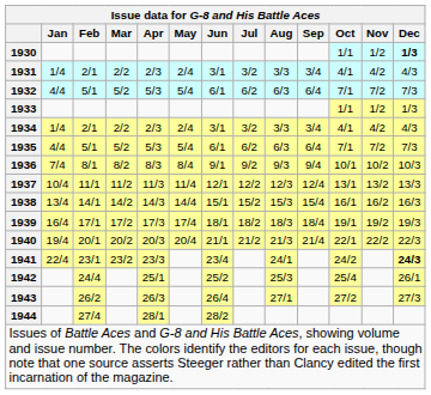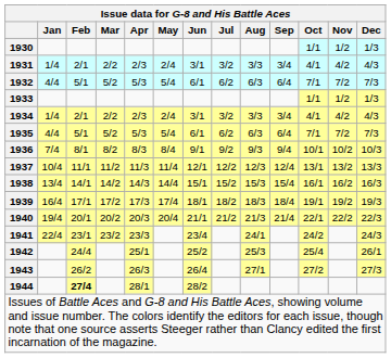 <table class="wikitable collapsible" style="font-size: 8pt; line-height: 9pt; margin-left: 2em; text-align: center; float: right">
 <tr>
 <th colspan="13">Issue data for <em>G-8 and His Battle Aces</em></th>
 </tr>
 <tr>
 <th></th>
 <th>Jan</th>
 <th>Feb</th>
 <th>Mar</th>
 <th>Apr</th>
 <th>May</th>
 <th>Jun</th>
 <th>Jul</th>
 <th>Aug</th>
 <th>Sep</th>
 <th>Oct</th>
 <th>Nov</th>
 <th>Dec</th>
 </tr>
 <tr>
 <th>1930</th>
 <td></td>
 <td></td>
 <td></td>
 <td></td>
 <td></td>
 <td></td>
 <td></td>
 <td></td>
 <td></td>
 <td bgcolor=#ccffff>1/1</td>
 <td bgcolor=#ccffff>1/2</td>
-<td bgcolor=#ccffff><strong>1/3</strong></td>
+<td bgcolor=#ccffff>1/3</td>
 </tr>
 <tr>
 <th>1931</th>
 <td bgcolor=#ccffff>1/4</td>
 <td bgcolor=#ccffff>2/1</td>
 <td bgcolor=#ccffff>2/2</td>
 <td bgcolor=#ccffff>2/3</td>
 <td bgcolor=#ccffff>2/4</td>
 <td bgcolor=#ccffff>3/1</td>
 <td bgcolor=#ccffff>3/2</td>
 <td bgcolor=#ccffff>3/3</td>
 <td bgcolor=#ccffff>3/4</td>
 <td bgcolor=#ccffff>4/1</td>
 <td bgcolor=#ccffff>4/2</td>
 <td bgcolor=#ccffff>4/3</td>
 </tr>
 <tr>
 <th>1932</th>
 <td bgcolor="#ccffff">4/4</td>
 <td bgcolor="#ccffff">5/1</td>
 <td bgcolor="#ccffff">5/2</td>
 <td bgcolor="#ccffff">5/3</td>
 <td bgcolor="#ccffff">5/4</td>
 <td bgcolor="#ccffff">6/1</td>
 <td bgcolor="#ccffff">6/2</td>
 <td bgcolor="#ccffff">6/3</td>
 <td bgcolor="#ccffff">6/4</td>
 <td bgcolor="#ccffff">7/1</td>
 <td bgcolor="#ccffff">7/2</td>
 <td bgcolor="#ccffff">7/3</td>
 </tr>
 <tr>
 <th>1933</th>
 <td></td>
 <td></td>
 <td></td>
 <td></td>
 <td></td>
 <td></td>
 <td></td>
 <td></td>
 <td></td>
 <td bgcolor="#ffff99">1/1</td>
 <td bgcolor="#ffff99">1/2</td>
 <td bgcolor="#ffff99">1/3</td>
 </tr>
 <tr>
 <th>1934</th>
 <td bgcolor="#ffff99">1/4</td>
 <td bgcolor="#ffff99">2/1</td>
 <td bgcolor="#ffff99">2/2</td>
 <td bgcolor="#ffff99">2/3</td>
 <td bgcolor="#ffff99">2/4</td>
 <td bgcolor="#ffff99">3/1</td>
 <td bgcolor="#ffff99">3/2</td>
 <td bgcolor="#ffff99">3/3</td>
 <td bgcolor="#ffff99">3/4</td>
 <td bgcolor="#ffff99">4/1</td>
 <td bgcolor="#ffff99">4/2</td>
 <td bgcolor="#ffff99">4/3</td>
 </tr>
 <tr>
 <th>1935</th>
 <td bgcolor="#ffff99">4/4</td>
 <td bgcolor="#ffff99">5/1</td>
 <td bgcolor="#ffff99">5/2</td>
 <td bgcolor="#ffff99">5/3</td>
 <td bgcolor="#ffff99">5/4</td>
 <td bgcolor="#ffff99">6/1</td>
 <td bgcolor="#ffff99">6/2</td>
 <td bgcolor="#ffff99">6/3</td>
 <td bgcolor="#ffff99">6/4</td>
 <td bgcolor="#ffff99">7/1</td>
 <td bgcolor="#ffff99">7/2</td>
 <td bgcolor="#ffff99">7/3</td>
 </tr>
 <tr>
 <th>1936</th>
 <td bgcolor="#ffff99">7/4</td>
 <td bgcolor="#ffff99">8/1</td>
 <td bgcolor="#ffff99">8/2</td>
 <td bgcolor="#ffff99">8/3</td>
 <td bgcolor="#ffff99">8/4</td>
 <td bgcolor="#ffff99">9/1</td>
 <td bgcolor="#ffff99">9/2</td>
 <td bgcolor="#ffff99">9/3</td>
 <td bgcolor="#ffff99">9/4</td>
 <td bgcolor="#ffff99">10/1</td>
 <td bgcolor="#ffff99">10/2</td>
 <td bgcolor="#ffff99">10/3</td>
 </tr>
 <tr>
 <th>1937</th>
 <td bgcolor="#ffff99">10/4</td>
 <td bgcolor="#ffff99">11/1</td>
 <td bgcolor="#ffff99">11/2</td>
 <td bgcolor="#ffff99">11/3</td>
 <td bgcolor="#ffff99">11/4</td>
 <td bgcolor="#ffff99">12/1</td>
 <td bgcolor="#ffff99">12/2</td>
 <td bgcolor="#ffff99">12/3</td>
 <td bgcolor="#ffff99">12/4</td>
 <td bgcolor="#ffff99">13/1</td>
 <td bgcolor="#ffff99">13/2</td>
 <td bgcolor="#ffff99">13/3</td>
 </tr>
 <tr>
 <th>1938</th>
 <td bgcolor="#ffff99">13/4</td>
 <td bgcolor="#ffff99">14/1</td>
 <td bgcolor="#ffff99">14/2</td>
 <td bgcolor="#ffff99">14/3</td>
 <td bgcolor="#ffff99">14/4</td>
 <td bgcolor="#ffff99">15/1</td>
 <td bgcolor="#ffff99">15/2</td>
 <td bgcolor="#ffff99">15/3</td>
 <td bgcolor="#ffff99">15/4</td>
 <td bgcolor="#ffff99">16/1</td>
 <td bgcolor="#ffff99">16/2</td>
 <td bgcolor="#ffff99">16/3</td>
 </tr>
 <tr>
 <th>1939</th>
 <td bgcolor="#ffff99">16/4</td>
 <td bgcolor="#ffff99">17/1</td>
 <td bgcolor="#ffff99">17/2</td>
 <td bgcolor="#ffff99">17/3</td>
 <td bgcolor="#ffff99">17/4</td>
 <td bgcolor="#ffff99">18/1</td>
 <td bgcolor="#ffff99">18/2</td>
 <td bgcolor="#ffff99">18/3</td>
 <td bgcolor="#ffff99">18/4</td>
 <td bgcolor="#ffff99">19/1</td>
 <td bgcolor="#ffff99">19/2</td>
 <td bgcolor="#ffff99">19/3</td>
 </tr>
 <tr>
 <th>1940</th>
 <td bgcolor="#ffff99">19/4</td>
 <td bgcolor="#ffff99">20/1</td>
 <td bgcolor="#ffff99">20/2</td>
 <td bgcolor="#ffff99">20/3</td>
 <td bgcolor="#ffff99">20/4</td>
 <td bgcolor="#ffff99">21/1</td>
 <td bgcolor="#ffff99">21/2</td>
 <td bgcolor="#ffff99">21/3</td>
 <td bgcolor="#ffff99">21/4</td>
 <td bgcolor="#ffff99">22/1</td>
 <td bgcolor="#ffff99">22/2</td>
 <td bgcolor="#ffff99">22/3</td>
 </tr>
 <tr>
 <th>1941</th>
 <td bgcolor="#ffff99">22/4</td>
 <td bgcolor="#ffff99">23/1</td>
 <td bgcolor="#ffff99">23/2</td>
 <td bgcolor="#ffff99">23/3</td>
 <td></td>
 <td bgcolor="#ffff99">23/4</td>
 <td></td>
 <td bgcolor="#ffff99">24/1</td>
 <td></td>
 <td bgcolor="#ffff99">24/2</td>
 <td></td>
-<td bgcolor="#ffff99"><strong>24/3</strong></td>
+<td bgcolor="#ffff99">24/3</td>
 </tr>
 <tr>
 <th>1942</th>
 <td></td>
 <td bgcolor="#ffff99">24/4</td>
 <td></td>
 <td bgcolor="#ffff99">25/1</td>
 <td></td>
 <td bgcolor="#ffff99">25/2</td>
 <td></td>
 <td bgcolor="#ffff99">25/3</td>
 <td></td>
 <td bgcolor="#ffff99">25/4</td>
 <td></td>
 <td bgcolor="#ffff99">26/1</td>
 </tr>
 <tr>
 <th>1943</th>
 <td></td>
 <td bgcolor="#ffff99">26/2</td>
 <td></td>
 <td bgcolor="#ffff99">26/3</td>
 <td></td>
 <td bgcolor="#ffff99">26/4</td>
 <td></td>
 <td bgcolor="#ffff99">27/1</td>
 <td></td>
 <td bgcolor="#ffff99">27/2</td>
 <td></td>
 <td bgcolor="#ffff99">27/3</td>
 </tr>
 <tr>
 <th>1944</th>
 <td></td>
-<td bgcolor="#ffff99">27/4</td>
+<td bgcolor="#ffff99"><strong>27/4</strong></td>
 <td></td>
 <td bgcolor="#ffff99">28/1</td>
 <td></td>
 <td bgcolor="#ffff99">28/2</td>
 <td></td>
 <td></td>
 <td></td>
 <td></td>
 <td></td>
 <td></td>
 </tr>
 <tr>
 <td colspan="13" style="font-size: 9pt; text-align:left; line-height: 10pt;">Issues of <em>Battle Aces</em> and <em>G-8 and His Battle Aces</em>, showing volume<br>and issue number.  The colors identify the editors for each issue, though<br>note that one source asserts Steeger rather than Clancy edited the first<br>incarnation of the magazine.<br> </td>
 </tr>
 </table>
